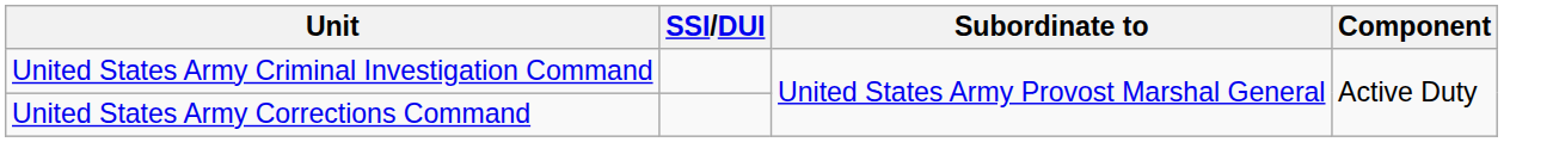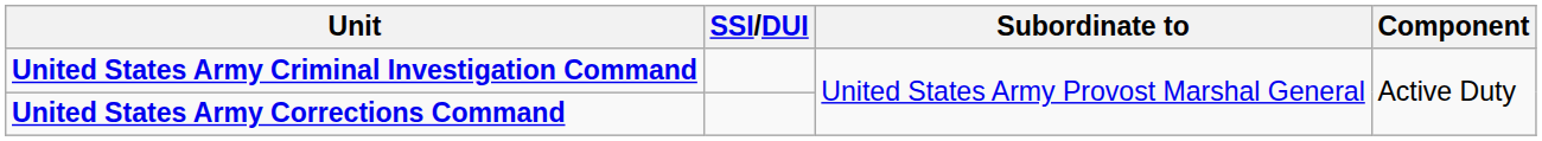 <table class="wikitable">
 <tr>
 <th>Unit</th>
 <th><a href='#'>SSI</a>/<a href='#'>DUI</a></th>
 <th>Subordinate to</th>
 <th>Component</th>
 </tr>
 <tr>
-<td><a href='#'>United States Army Criminal Investigation Command</a></td>
+<td><strong><a href='#'>United States Army Criminal Investigation Command</a></strong></td>
 <td> </td>
 <td rowspan=2><a href='#'>United States Army Provost Marshal General</a></td>
 <td rowspan=2>Active Duty</td>
 </tr>
 <tr>
-<td><a href='#'>United States Army Corrections Command</a></td>
+<td><strong><a href='#'>United States Army Corrections Command</a></strong></td>
 <td> </td>
 </tr>
 </table>
